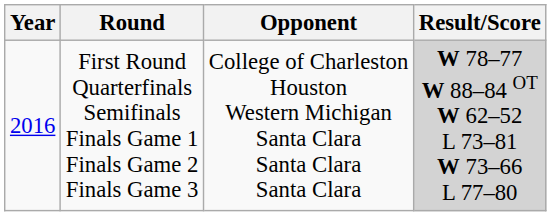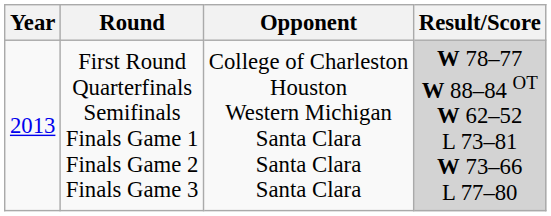 <table class="wikitable">
 <tr>
 <th>Year</th>
 <th>Round</th>
 <th>Opponent</th>
 <th>Result/Score</th>
 </tr>
 <tr align="center">
-<td><a href='#'>2016</a></td>
+<td><a href='#'>2013</a></td>
 <td>First Round<br>Quarterfinals<br>Semifinals<br>Finals Game 1<br>Finals Game 2<br>Finals Game 3</td>
 <td>College of Charleston<br>Houston<br>Western Michigan<br>Santa Clara<br>Santa Clara<br>Santa Clara</td>
 <td style="background: lightgrey;"><strong>W</strong> 78–77<br><strong>W</strong> 88–84 <sup>OT</sup><br><strong>W</strong> 62–52<br>L 73–81<br><strong>W</strong> 73–66<br>L 77–80</td>
 </tr>
 </table>
